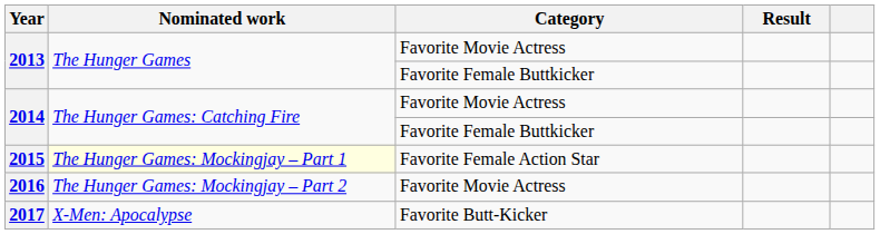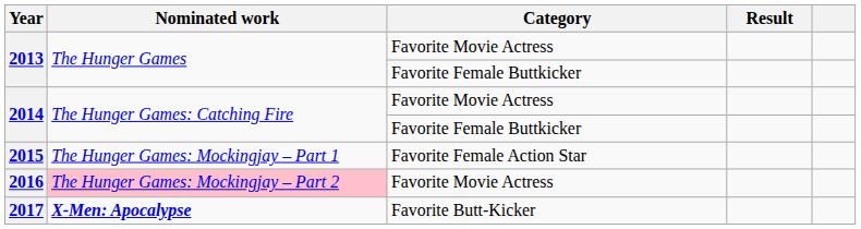 <table class="wikitable plainrowheaders">
 <tr>
 <th scope="col" style="width:5%;">Year</th>
 <th scope="col" style="width:40%;">Nominated work</th>
 <th scope="col" style="width:40%;">Category</th>
 <th scope="col" style="width:10%;">Result</th>
 <th scope="col" style="width:5%;"></th>
 </tr>
 <tr>
 <th scope="row" style="text-align:center;" rowspan="2"><a href='#'>2013</a></th>
 <td rowspan="2" style="text-align:left;"><em><a href='#'>The Hunger Games</a></em></td>
 <td>Favorite Movie Actress</td>
 <td></td>
 <td style="text-align:center;"></td>
 </tr>
 <tr>
 <td>Favorite Female Buttkicker</td>
 <td></td>
 <td style="text-align:center;"></td>
 </tr>
 <tr>
 <th scope="row" style="text-align:center;" rowspan="2"><a href='#'>2014</a></th>
 <td rowspan="2" style="text-align:left;"><em><a href='#'>The Hunger Games: Catching Fire</a></em></td>
 <td>Favorite Movie Actress</td>
 <td></td>
 <td style="text-align:center;"></td>
 </tr>
 <tr>
 <td>Favorite Female Buttkicker</td>
 <td></td>
 <td style="text-align:center;"></td>
 </tr>
 <tr>
 <th scope="row" style="text-align:center;"><a href='#'>2015</a></th>
-<td style="background: lightyellow; text-align:left;"><em><a href='#'>The Hunger Games: Mockingjay – Part 1</a></em></td>
+<td style="text-align:left;"><em><a href='#'>The Hunger Games: Mockingjay – Part 1</a></em></td>
 <td>Favorite Female Action Star</td>
 <td></td>
 <td style="text-align:center;"></td>
 </tr>
 <tr>
 <th scope="row" style="text-align:center;"><a href='#'>2016</a></th>
-<td style="text-align:left;"><em><a href='#'>The Hunger Games: Mockingjay – Part 2</a></em></td>
+<td style="background: pink; text-align:left;"><em><a href='#'>The Hunger Games: Mockingjay – Part 2</a></em></td>
 <td>Favorite Movie Actress</td>
 <td></td>
 <td style="text-align:center;"></td>
 </tr>
 <tr>
 <th scope="row" style="text-align:center;"><a href='#'>2017</a></th>
-<td style="text-align:left;"><em><a href='#'>X-Men: Apocalypse</a></em></td>
+<td style="text-align:left;"><strong><em><a href='#'>X-Men: Apocalypse</a></em></strong></td>
 <td>Favorite Butt-Kicker</td>
 <td></td>
 <td style="text-align:center;"></td>
 </tr>
 </table>
